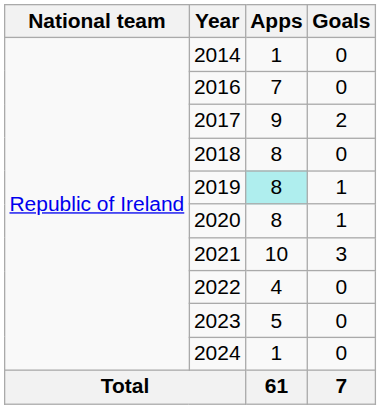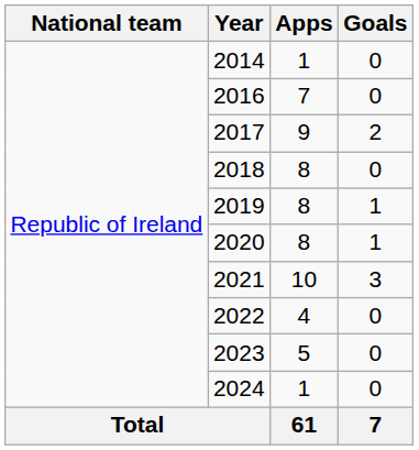 <table class="wikitable" style="text-align:center">
 <tr>
 <th>National team</th>
 <th>Year</th>
 <th>Apps</th>
 <th>Goals</th>
 </tr>
 <tr>
 <td rowspan=10><a href='#'>Republic of Ireland</a></td>
 <td>2014</td>
 <td>1</td>
 <td>0</td>
 </tr>
 <tr>
 <td>2016</td>
 <td>7</td>
 <td>0</td>
 </tr>
 <tr>
 <td>2017</td>
 <td>9</td>
 <td>2</td>
 </tr>
 <tr>
 <td>2018</td>
 <td>8</td>
 <td>0</td>
 </tr>
 <tr>
 <td>2019</td>
-<td style="background: paleturquoise;">8</td>
+<td>8</td>
 <td>1</td>
 </tr>
 <tr>
 <td>2020</td>
 <td>8</td>
 <td>1</td>
 </tr>
 <tr>
 <td>2021</td>
 <td>10</td>
 <td>3</td>
 </tr>
 <tr>
 <td>2022</td>
 <td>4</td>
 <td>0</td>
 </tr>
 <tr>
 <td>2023</td>
 <td>5</td>
 <td>0</td>
 </tr>
 <tr>
 <td>2024</td>
 <td>1</td>
 <td>0</td>
 </tr>
 <tr>
 <th colspan=2>Total</th>
 <th>61</th>
 <th>7</th>
 </tr>
 </table>
